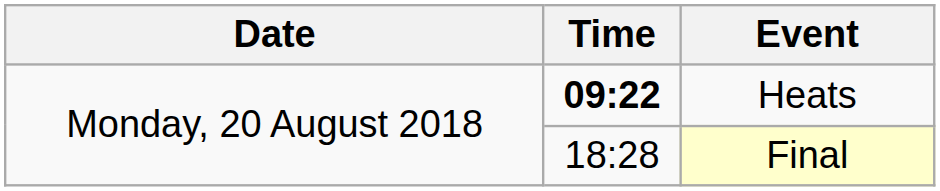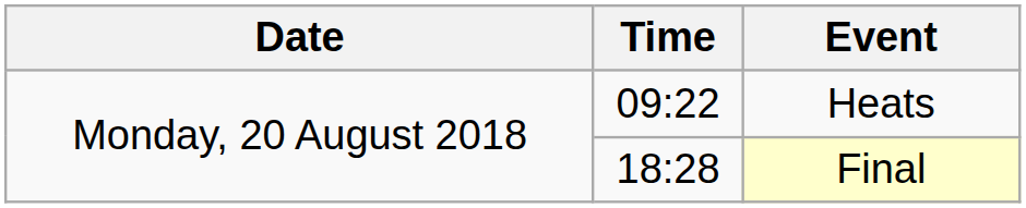 <table class = "wikitable" style="text-align:center;">
 <tr>
 <th width=220>Date</th>
 <th width=50>Time</th>
 <th width=100>Event</th>
 </tr>
 <tr>
 <td rowspan=2>Monday, 20 August 2018</td>
-<td><strong>09:22</strong></td>
+<td>09:22</td>
 <td>Heats</td>
 </tr>
 <tr>
 <td>18:28</td>
 <td bgcolor=ffffcc>Final</td>
 </tr>
 </table>
